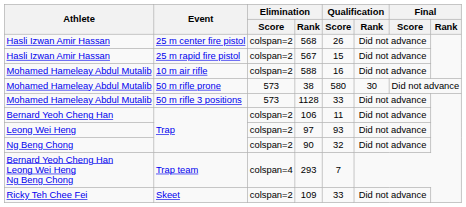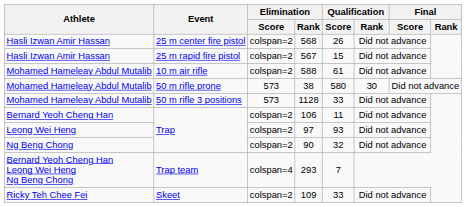 <table class=wikitable style="text-align:center; font-size:90%">
 <tr>
 <th rowspan=2>Athlete</th>
 <th rowspan=2>Event</th>
 <th colspan=2>Elimination</th>
 <th colspan=2>Qualification</th>
 <th colspan=2>Final</th>
 </tr>
 <tr>
 <th>Score</th>
 <th>Rank</th>
 <th>Score</th>
 <th>Rank</th>
 <th>Score</th>
 <th>Rank</th>
 </tr>
 <tr>
 <td align=left><a href='#'>Hasli Izwan Amir Hassan</a></td>
 <td align=left><a href='#'>25 m center fire pistol</a></td>
 <td>colspan=2 </td>
 <td>568</td>
 <td>26</td>
 <td colspan=2>Did not advance</td>
 </tr>
 <tr>
 <td align=left><a href='#'>Hasli Izwan Amir Hassan</a></td>
 <td align=left><a href='#'>25 m rapid fire pistol</a></td>
 <td>colspan=2 </td>
 <td>567</td>
 <td>15</td>
 <td colspan=2>Did not advance</td>
 </tr>
 <tr>
 <td align=left><a href='#'>Mohamed Hameleay Abdul Mutalib</a></td>
 <td align=left><a href='#'>10 m air rifle</a></td>
 <td>colspan=2 </td>
 <td>588</td>
-<td>16</td>
+<td>61</td>
 <td colspan=2>Did not advance</td>
 </tr>
 <tr>
 <td align=left><a href='#'>Mohamed Hameleay Abdul Mutalib</a></td>
 <td align=left><a href='#'>50 m rifle prone</a></td>
 <td>573</td>
 <td>38</td>
 <td>580</td>
 <td>30</td>
 <td colspan=2>Did not advance</td>
 </tr>
 <tr>
 <td align=left><a href='#'>Mohamed Hameleay Abdul Mutalib</a></td>
 <td align=left><a href='#'>50 m rifle 3 positions</a></td>
 <td>573</td>
 <td>1128</td>
 <td>33</td>
 <td colspan=2>Did not advance</td>
 </tr>
 <tr>
 <td align=left><a href='#'>Bernard Yeoh Cheng Han</a></td>
 <td rowspan=3 align=left><a href='#'>Trap</a></td>
 <td>colspan=2 </td>
 <td>106</td>
 <td>11</td>
 <td colspan=2>Did not advance</td>
 </tr>
 <tr>
 <td align=left><a href='#'>Leong Wei Heng</a></td>
 <td>colspan=2 </td>
 <td>97</td>
 <td>93</td>
 <td colspan=2>Did not advance</td>
 </tr>
 <tr>
 <td align=left><a href='#'>Ng Beng Chong</a></td>
 <td>colspan=2 </td>
 <td>90</td>
 <td>32</td>
 <td colspan=2>Did not advance</td>
 </tr>
 <tr>
 <td align=left><a href='#'>Bernard Yeoh Cheng Han</a><br><a href='#'>Leong Wei Heng</a><br><a href='#'>Ng Beng Chong</a></td>
 <td align=left><a href='#'>Trap team</a></td>
 <td>colspan=4 </td>
 <td>293</td>
 <td>7</td>
 </tr>
 <tr>
 <td align=left><a href='#'>Ricky Teh Chee Fei</a></td>
 <td align=left><a href='#'>Skeet</a></td>
 <td>colspan=2 </td>
 <td>109</td>
 <td>33</td>
 <td colspan=2>Did not advance</td>
 </tr>
 </table>
